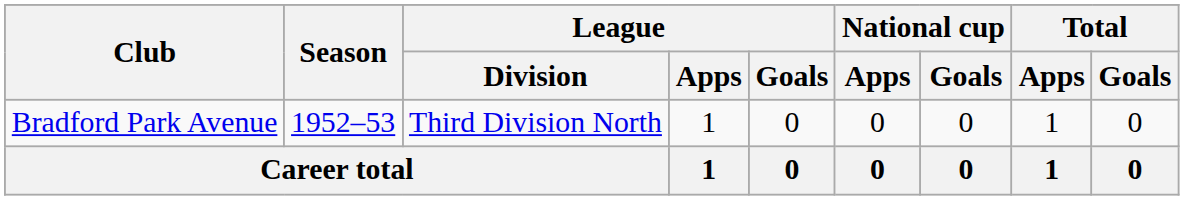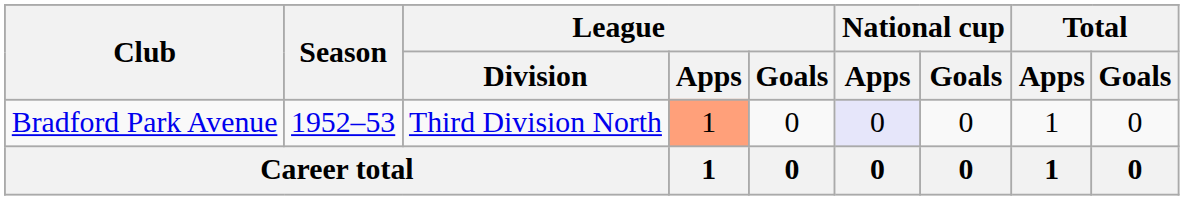 <table class="wikitable" style="text-align: center;">
 <tr>
 <th rowspan="2">Club</th>
 <th rowspan="2">Season</th>
 <th colspan="3">League</th>
 <th colspan="2">National cup</th>
 <th colspan="2">Total</th>
 </tr>
 <tr>
 <th>Division</th>
 <th>Apps</th>
 <th>Goals</th>
 <th>Apps</th>
 <th>Goals</th>
 <th>Apps</th>
 <th>Goals</th>
 </tr>
 <tr>
 <td><a href='#'>Bradford Park Avenue</a></td>
 <td><a href='#'>1952–53</a></td>
 <td><a href='#'>Third Division North</a></td>
-<td>1</td>
+<td style="background: lightsalmon;">1</td>
 <td>0</td>
-<td>0</td>
+<td style="background: lavender;">0</td>
 <td>0</td>
 <td>1</td>
 <td>0</td>
 </tr>
 <tr>
 <th colspan="3">Career total</th>
 <th>1</th>
 <th>0</th>
 <th>0</th>
 <th>0</th>
 <th>1</th>
 <th>0</th>
 </tr>
 </table>
